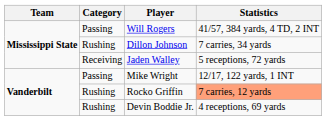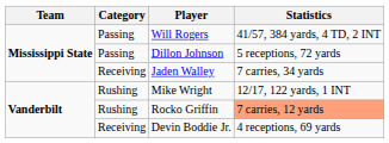 <table class="wikitable" style="float: right;">
 <tr>
 <th>Team</th>
 <th>Category</th>
 <th>Player</th>
 <th>Statistics</th>
 </tr>
 <tr>
 <td rowspan=3><strong>Mississippi State</strong></td>
 <td>Passing</td>
 <td><a href='#'>Will Rogers</a></td>
 <td>41/57, 384 yards, 4 TD, 2 INT</td>
 </tr>
 <tr>
-<td>Rushing</td>
+<td>Passing</td>
 <td><a href='#'>Dillon Johnson</a></td>
-<td>7 carries, 34 yards</td>
+<td>5 receptions, 72 yards</td>
 </tr>
 <tr>
 <td>Receiving</td>
 <td><a href='#'>Jaden Walley</a></td>
-<td>5 receptions, 72 yards</td>
+<td>7 carries, 34 yards</td>
 </tr>
 <tr>
 <td rowspan=3><strong>Vanderbilt</strong></td>
-<td>Passing</td>
+<td>Rushing</td>
 <td>Mike Wright</td>
 <td>12/17, 122 yards, 1 INT</td>
 </tr>
 <tr>
 <td>Rushing</td>
 <td>Rocko Griffin</td>
 <td style="background: lightsalmon;">7 carries, 12 yards</td>
 </tr>
 <tr>
-<td>Rushing</td>
+<td>Receiving</td>
 <td>Devin Boddie Jr.</td>
 <td>4 receptions, 69 yards</td>
 </tr>
 </table>
